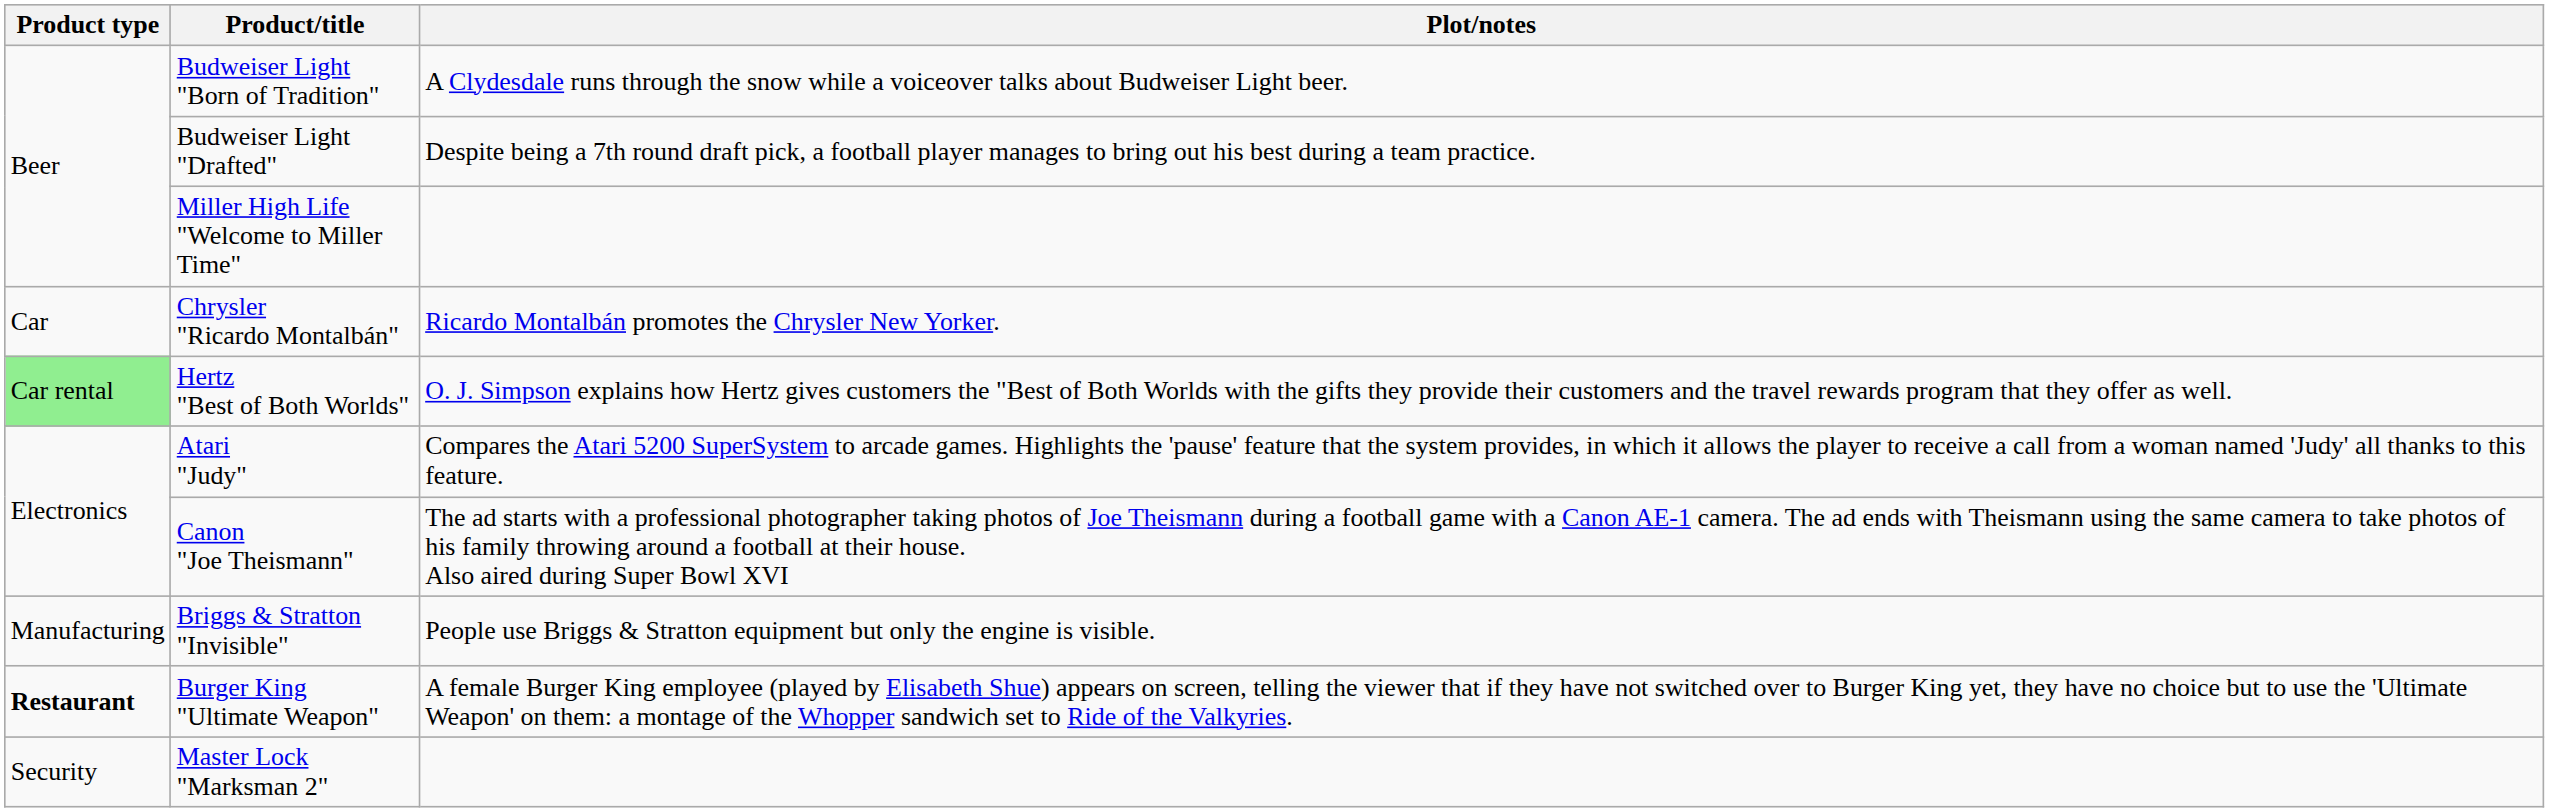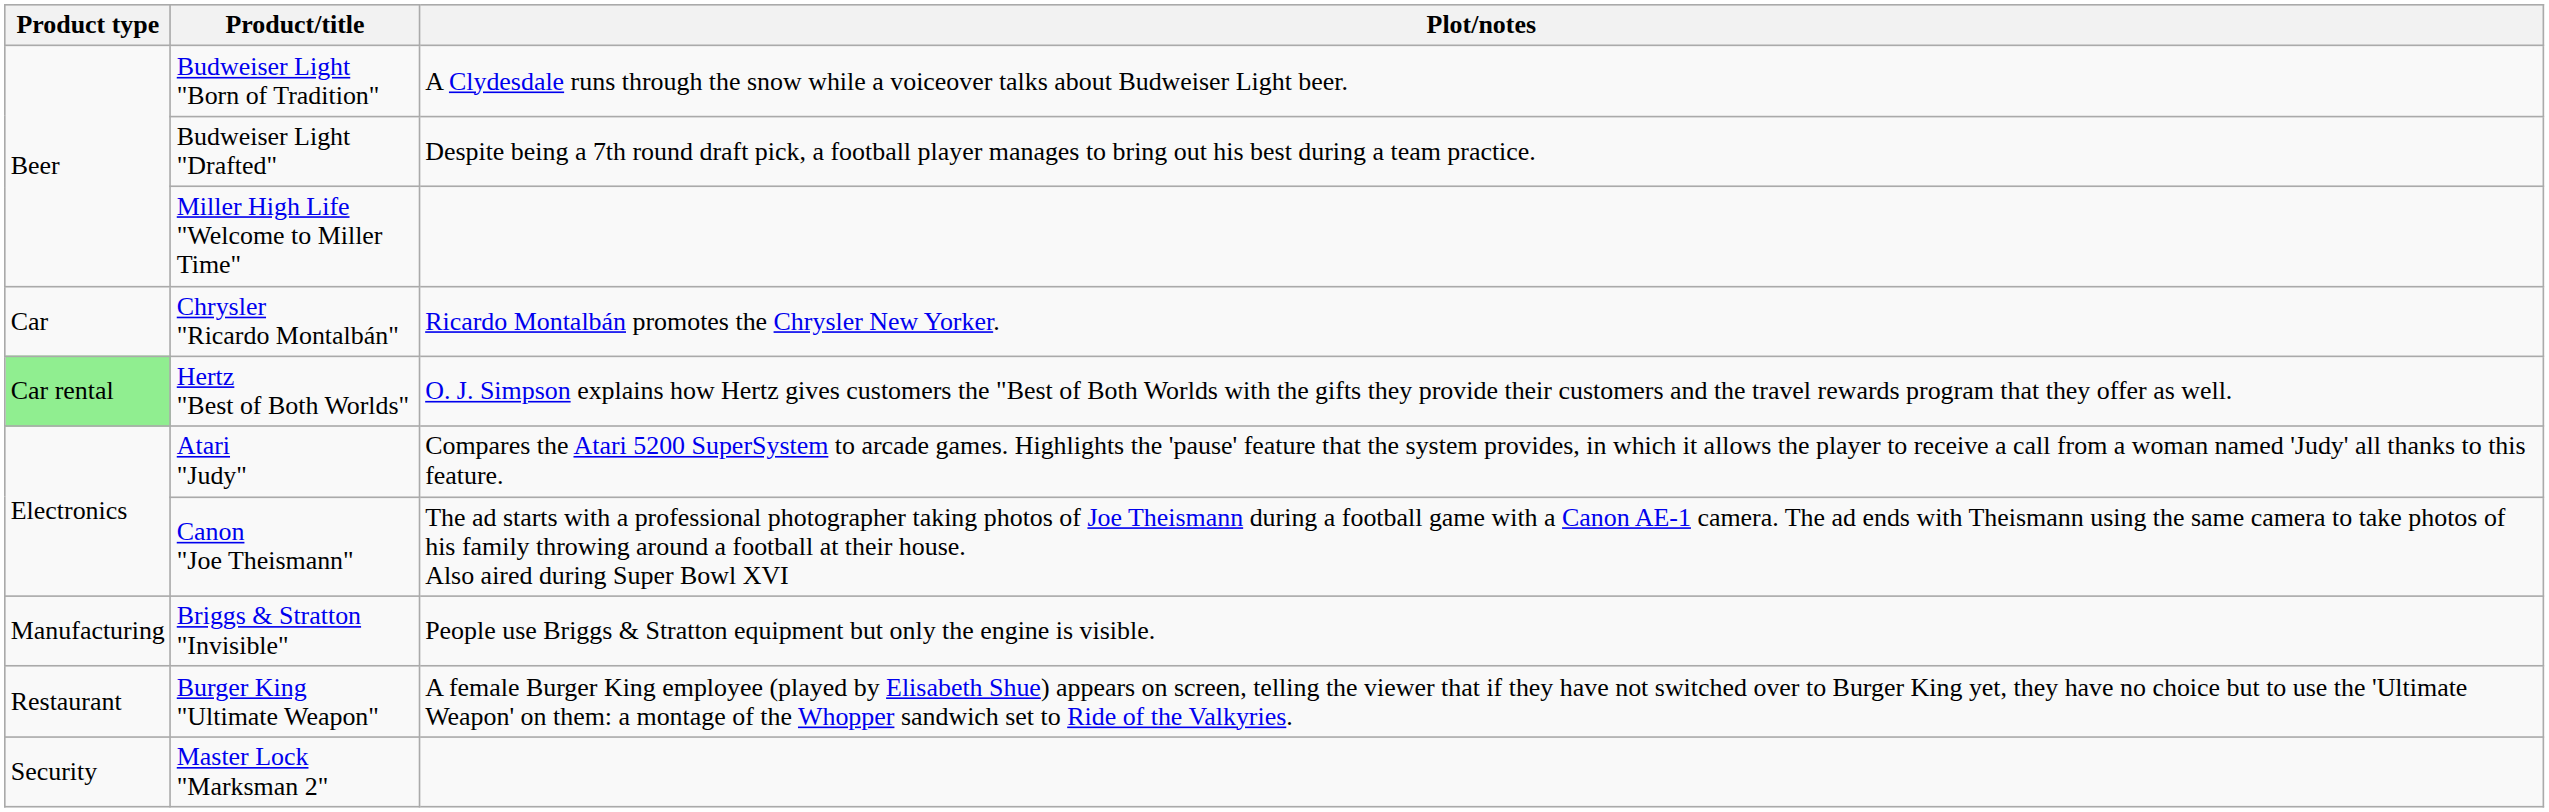 <table class="wikitable">
 <tr>
 <th>Product type</th>
 <th>Product/title</th>
 <th>Plot/notes</th>
 </tr>
 <tr>
 <td rowspan="3">Beer</td>
 <td><a href='#'>Budweiser Light</a><br>"Born of Tradition"</td>
 <td>A <a href='#'>Clydesdale</a> runs through the snow while a voiceover talks about Budweiser Light beer.</td>
 </tr>
 <tr>
 <td>Budweiser Light<br>"Drafted"</td>
 <td>Despite being a 7th round draft pick, a football player manages to bring out his best during a team practice.</td>
 </tr>
 <tr>
 <td><a href='#'>Miller High Life</a><br>"Welcome to Miller Time"</td>
 <td></td>
 </tr>
 <tr>
 <td>Car</td>
 <td><a href='#'>Chrysler</a><br>"Ricardo Montalbán"</td>
 <td><a href='#'>Ricardo Montalbán</a> promotes the <a href='#'>Chrysler New Yorker</a>.</td>
 </tr>
 <tr>
 <td style="background: lightgreen;">Car rental</td>
 <td><a href='#'>Hertz</a><br>"Best of Both Worlds"</td>
 <td><a href='#'>O. J. Simpson</a> explains how Hertz gives customers the "Best of Both Worlds with the gifts they provide their customers and the travel rewards program that they offer as well.</td>
 </tr>
 <tr>
 <td rowspan="2">Electronics</td>
 <td><a href='#'>Atari</a><br>"Judy"</td>
 <td>Compares the <a href='#'>Atari 5200 SuperSystem</a> to arcade games. Highlights the 'pause' feature that the system provides, in which it allows the player to receive a call from a woman named 'Judy' all thanks to this feature.</td>
 </tr>
 <tr>
 <td><a href='#'>Canon</a><br>"Joe Theismann"</td>
 <td>The ad starts with a professional photographer taking photos of <a href='#'>Joe Theismann</a> during a football game with a <a href='#'>Canon AE-1</a> camera. The ad ends with Theismann using the same camera to take photos of his family throwing around a football at their house.<br>Also aired during Super Bowl XVI</td>
 </tr>
 <tr>
 <td>Manufacturing</td>
 <td><a href='#'>Briggs & Stratton</a><br>"Invisible"</td>
 <td>People use Briggs & Stratton equipment but only the engine is visible.</td>
 </tr>
 <tr>
-<td><strong>Restaurant</strong></td>
+<td>Restaurant</td>
 <td><a href='#'>Burger King</a><br>"Ultimate Weapon"</td>
 <td>A female Burger King employee (played by <a href='#'>Elisabeth Shue</a>) appears on screen, telling the viewer that if they have not switched over to Burger King yet, they have no choice but to use the 'Ultimate Weapon' on them: a montage of the <a href='#'>Whopper</a> sandwich set to <a href='#'>Ride of the Valkyries</a>.</td>
 </tr>
 <tr>
 <td>Security</td>
 <td><a href='#'>Master Lock</a><br>"Marksman 2"</td>
 <td></td>
 </tr>
 </table>
